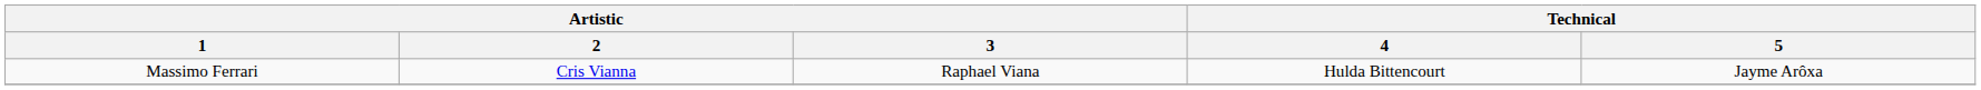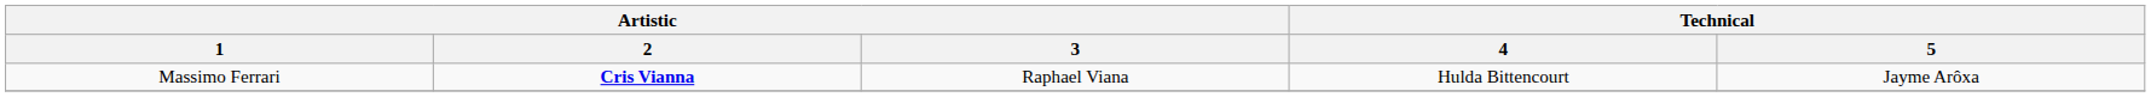 <table class="wikitable" style="font-size:90%; line-height:16px; text-align:center" width="85%">
 <tr>
 <th colspan=3>Artistic</th>
 <th colspan=2>Technical</th>
 </tr>
 <tr>
 <th>1</th>
 <th>2</th>
 <th>3</th>
 <th>4</th>
 <th>5</th>
 </tr>
 <tr>
 <td width=150>Massimo Ferrari</td>
-<td width=150><a href='#'>Cris Vianna</a></td>
+<td width=150><strong><a href='#'>Cris Vianna</a></strong></td>
 <td width=150>Raphael Viana</td>
 <td width=150>Hulda Bittencourt</td>
 <td width=150>Jayme Arôxa</td>
 </tr>
 <tr>
 </tr>
 </table>
